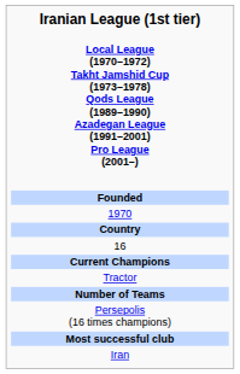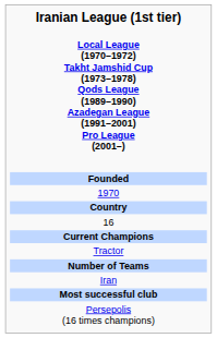 <table class="infobox football" style="width: 16em; text-align: center;">
 <tr>
 <th style="font-size: 16px;">Iranian League (1st tier)</th>
 </tr>
 <tr>
 <th style="font-size: 12px;"><br><a href='#'>Local League</a><br> (1970–1972)<br><a href='#'>Takht Jamshid Cup</a><br> (1973–1978)<br><a href='#'>Qods League</a><br> (1989–1990)<br><a href='#'>Azadegan League</a><br>(1991–2001)<br><a href='#'>Pro League</a><br> (2001–)</th>
 </tr>
 <tr>
 <td><br></td>
 </tr>
 <tr>
 <td style="font-size: 12px; background: #BFD7FF;"><strong>Founded</strong></td>
 </tr>
 <tr>
 <td style="font-size: 12px;"><a href='#'>1970</a></td>
 </tr>
 <tr>
 <td style="font-size: 12px; background: #BFD7FF;"><strong>Country</strong></td>
 </tr>
 <tr>
 <td style="font-size: 12px;">16</td>
 </tr>
 <tr>
 <td style="font-size: 12px; background: #BFD7FF;"><strong>Current Champions</strong></td>
 </tr>
 <tr>
 <td style="font-size: 12px;"><a href='#'>Tractor</a></td>
 </tr>
 <tr>
 <td style="font-size: 12px; background: #BFD7FF;"><strong>Number of Teams</strong></td>
 </tr>
 <tr>
-<td style="font-size: 12px;"><a href='#'>Persepolis</a><br>(16 times champions)</td>
+<td style="font-size: 12px;"><a href='#'>Iran</a><br></td>
 </tr>
 <tr>
 <td style="font-size: 12px; background: #BFD7FF;"><strong>Most successful club</strong></td>
 </tr>
 <tr>
-<td style="font-size: 12px;"><a href='#'>Iran</a><br></td>
+<td style="font-size: 12px;"><a href='#'>Persepolis</a><br>(16 times champions)</td>
 </tr>
 <tr>
 </tr>
 </table>
